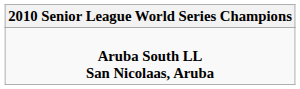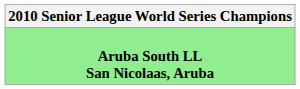 <table class="wikitable" style="text-align: center; margin: 0 auto;">
 <tr>
 <th>2010 Senior League World Series Champions</th>
 </tr>
 <tr>
 </tr>
 <tr>
-<td><br><strong>Aruba South LL</strong><br> <strong>San Nicolaas, Aruba</strong></td>
+<td style="background: lightgreen;"><br><strong>Aruba South LL</strong><br> <strong>San Nicolaas, Aruba</strong></td>
 </tr>
 </table>
